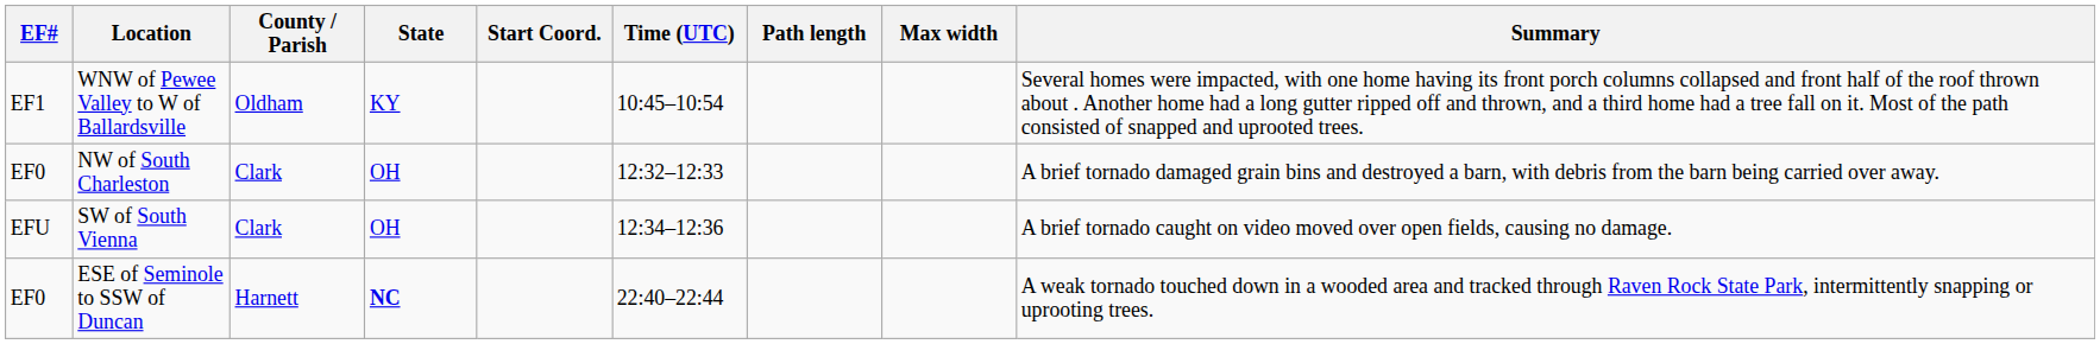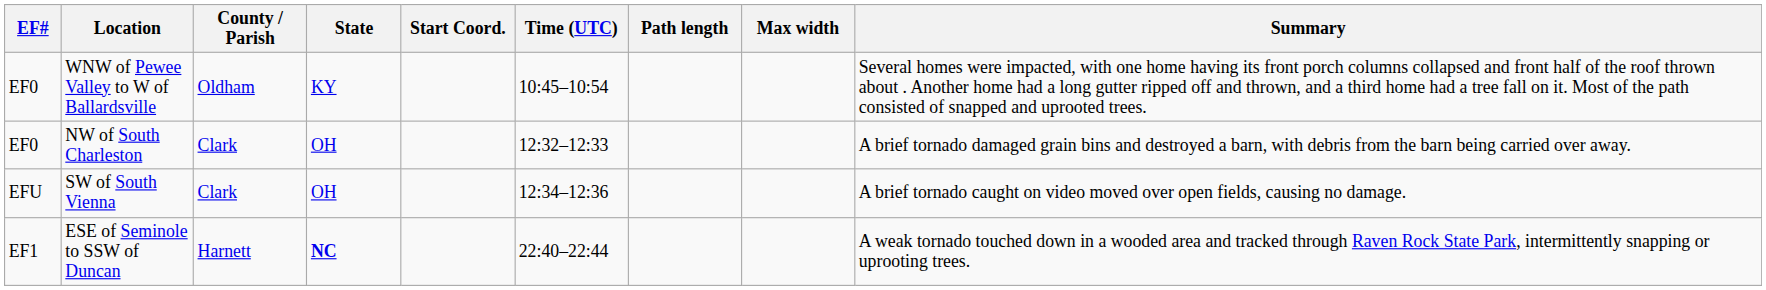 <table class="wikitable sortable" style="width:100%;">
 <tr>
 <th scope="col"  style="width:3%; text-align:center;"><a href='#'>EF#</a></th>
 <th scope="col"  style="width:7%; text-align:center;" class="unsortable">Location</th>
 <th scope="col"  style="width:6%; text-align:center;" class="unsortable">County / Parish</th>
 <th scope="col"  style="width:5%; text-align:center;">State</th>
 <th scope="col"  style="width:6%; text-align:center;">Start Coord.</th>
 <th scope="col"  style="width:6%; text-align:center;">Time (<a href='#'>UTC</a>)</th>
 <th scope="col"  style="width:6%; text-align:center;">Path length</th>
 <th scope="col"  style="width:6%; text-align:center;">Max width</th>
 <th scope="col" class="unsortable" style="width:48%; text-align:center;">Summary</th>
 </tr>
 <tr>
-<td>EF1</td>
+<td>EF0</td>
 <td>WNW of <a href='#'>Pewee Valley</a> to W of <a href='#'>Ballardsville</a></td>
 <td><a href='#'>Oldham</a></td>
 <td><a href='#'>KY</a></td>
 <td></td>
 <td>10:45–10:54</td>
 <td></td>
 <td></td>
 <td>Several homes were impacted, with one home having its front porch columns collapsed and front half of the roof thrown about . Another home had a long gutter ripped off and thrown, and a third home had a tree fall on it. Most of the path consisted of snapped and uprooted trees.</td>
 </tr>
 <tr>
 <td>EF0</td>
 <td>NW of <a href='#'>South Charleston</a></td>
 <td><a href='#'>Clark</a></td>
 <td><a href='#'>OH</a></td>
 <td></td>
 <td>12:32–12:33</td>
 <td></td>
 <td></td>
 <td>A brief tornado damaged grain bins and destroyed a barn, with debris from the barn being carried over  away.</td>
 </tr>
 <tr>
 <td>EFU</td>
 <td>SW of <a href='#'>South Vienna</a></td>
 <td><a href='#'>Clark</a></td>
 <td><a href='#'>OH</a></td>
 <td></td>
 <td>12:34–12:36</td>
 <td></td>
 <td></td>
 <td>A brief tornado caught on video moved over open fields, causing no damage.</td>
 </tr>
 <tr>
-<td>EF0</td>
+<td>EF1</td>
 <td>ESE of <a href='#'>Seminole</a> to SSW of <a href='#'>Duncan</a></td>
 <td><a href='#'>Harnett</a></td>
 <td><strong><a href='#'>NC</a></strong></td>
 <td></td>
 <td>22:40–22:44</td>
 <td></td>
 <td></td>
 <td>A weak tornado touched down in a wooded area and tracked through <a href='#'>Raven Rock State Park</a>, intermittently snapping or uprooting trees. </td>
 </tr>
 </table>
